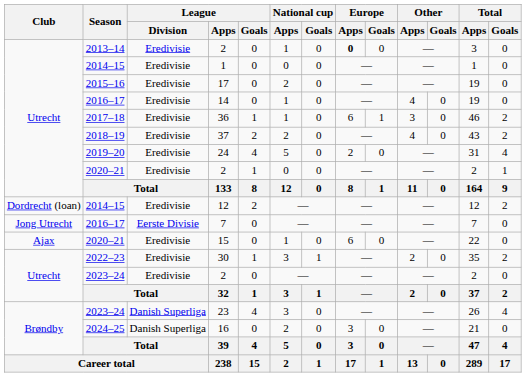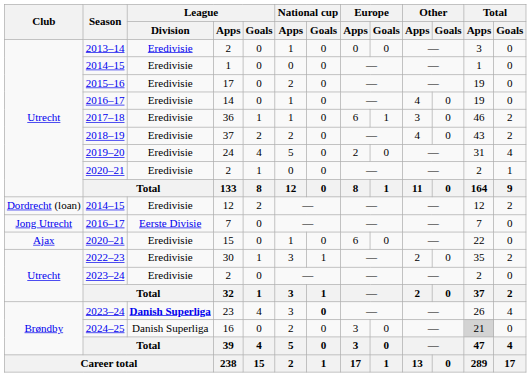 <table class="wikitable" style="text-align:center">
 <tr>
 <th rowspan="2">Club</th>
 <th rowspan="2">Season</th>
 <th colspan="3">League</th>
 <th colspan="2">National cup</th>
 <th colspan="2">Europe</th>
 <th colspan="2">Other</th>
 <th colspan="2">Total</th>
 </tr>
 <tr>
 <th>Division</th>
 <th>Apps</th>
 <th>Goals</th>
 <th>Apps</th>
 <th>Goals</th>
 <th>Apps</th>
 <th>Goals</th>
 <th>Apps</th>
 <th>Goals</th>
 <th>Apps</th>
 <th>Goals</th>
 </tr>
 <tr>
 <td rowspan="9"><a href='#'>Utrecht</a></td>
 <td><a href='#'>2013–14</a></td>
 <td><a href='#'>Eredivisie</a></td>
 <td>2</td>
 <td>0</td>
 <td>1</td>
 <td>0</td>
-<td><strong>0</strong></td>
+<td>0</td>
 <td>0</td>
 <td colspan="2">—</td>
 <td>3</td>
 <td>0</td>
 </tr>
 <tr>
 <td><a href='#'>2014–15</a></td>
 <td>Eredivisie</td>
 <td>1</td>
 <td>0</td>
 <td>0</td>
 <td>0</td>
 <td colspan="2">—</td>
 <td colspan="2">—</td>
 <td>1</td>
 <td>0</td>
 </tr>
 <tr>
 <td><a href='#'>2015–16</a></td>
 <td>Eredivisie</td>
 <td>17</td>
 <td>0</td>
 <td>2</td>
 <td>0</td>
 <td colspan="2">—</td>
 <td colspan="2">—</td>
 <td>19</td>
 <td>0</td>
 </tr>
 <tr>
 <td><a href='#'>2016–17</a></td>
 <td>Eredivisie</td>
 <td>14</td>
 <td>0</td>
 <td>1</td>
 <td>0</td>
 <td colspan="2">—</td>
 <td>4</td>
 <td>0</td>
 <td>19</td>
 <td>0</td>
 </tr>
 <tr>
 <td><a href='#'>2017–18</a></td>
 <td>Eredivisie</td>
 <td>36</td>
 <td>1</td>
 <td>1</td>
 <td>0</td>
 <td>6</td>
 <td>1</td>
 <td>3</td>
 <td>0</td>
 <td>46</td>
 <td>2</td>
 </tr>
 <tr>
 <td><a href='#'>2018–19</a></td>
 <td>Eredivisie</td>
 <td>37</td>
 <td>2</td>
 <td>2</td>
 <td>0</td>
 <td colspan="2">—</td>
 <td>4</td>
 <td>0</td>
 <td>43</td>
 <td>2</td>
 </tr>
 <tr>
 <td><a href='#'>2019–20</a></td>
 <td>Eredivisie</td>
 <td>24</td>
 <td>4</td>
 <td>5</td>
 <td>0</td>
 <td>2</td>
 <td>0</td>
 <td colspan="2">—</td>
 <td>31</td>
 <td>4</td>
 </tr>
 <tr>
 <td><a href='#'>2020–21</a></td>
 <td>Eredivisie</td>
 <td>2</td>
 <td>1</td>
 <td>0</td>
 <td>0</td>
 <td colspan="2">—</td>
 <td colspan="2">—</td>
 <td>2</td>
 <td>1</td>
 </tr>
 <tr>
 <th colspan="2">Total</th>
 <th>133</th>
 <th>8</th>
 <th>12</th>
 <th>0</th>
 <th>8</th>
 <th>1</th>
 <th>11</th>
 <th>0</th>
 <th>164</th>
 <th>9</th>
 </tr>
 <tr>
 <td><a href='#'>Dordrecht</a> (loan)</td>
 <td><a href='#'>2014–15</a></td>
 <td>Eredivisie</td>
 <td>12</td>
 <td>2</td>
 <td colspan="2">—</td>
 <td colspan="2">—</td>
 <td colspan="2">—</td>
 <td>12</td>
 <td>2</td>
 </tr>
 <tr>
 <td><a href='#'>Jong Utrecht</a></td>
 <td><a href='#'>2016–17</a></td>
 <td><a href='#'>Eerste Divisie</a></td>
 <td>7</td>
 <td>0</td>
 <td colspan="2">—</td>
 <td colspan="2">—</td>
 <td colspan="2">—</td>
 <td>7</td>
 <td>0</td>
 </tr>
 <tr>
 <td><a href='#'>Ajax</a></td>
 <td><a href='#'>2020–21</a></td>
 <td>Eredivisie</td>
 <td>15</td>
 <td>0</td>
 <td>1</td>
 <td>0</td>
 <td>6</td>
 <td>0</td>
 <td colspan="2">—</td>
 <td>22</td>
 <td>0</td>
 </tr>
 <tr>
 <td rowspan="3"><a href='#'>Utrecht</a></td>
 <td><a href='#'>2022–23</a></td>
 <td>Eredivisie</td>
 <td>30</td>
 <td>1</td>
 <td>3</td>
 <td>1</td>
 <td colspan="2">—</td>
 <td>2</td>
 <td>0</td>
 <td>35</td>
 <td>2</td>
 </tr>
 <tr>
 <td><a href='#'>2023–24</a></td>
 <td>Eredivisie</td>
 <td>2</td>
 <td>0</td>
 <td colspan="2">—</td>
 <td colspan="2">—</td>
 <td colspan="2">—</td>
 <td>2</td>
 <td>0</td>
 </tr>
 <tr>
 <th colspan="2">Total</th>
 <th>32</th>
 <th>1</th>
 <th>3</th>
 <th>1</th>
 <th colspan="2">—</th>
 <th>2</th>
 <th>0</th>
 <th>37</th>
 <th>2</th>
 </tr>
 <tr>
 <td rowspan="3"><a href='#'>Brøndby</a></td>
 <td><a href='#'>2023–24</a></td>
-<td><a href='#'>Danish Superliga</a></td>
+<td><strong><a href='#'>Danish Superliga</a></strong></td>
 <td>23</td>
 <td>4</td>
 <td>3</td>
-<td>0</td>
+<td><strong>0</strong></td>
 <td colspan="2">—</td>
 <td colspan="2">—</td>
 <td>26</td>
 <td>4</td>
 </tr>
 <tr>
 <td><a href='#'>2024–25</a></td>
 <td>Danish Superliga</td>
 <td>16</td>
 <td>0</td>
 <td>2</td>
 <td>0</td>
 <td>3</td>
 <td>0</td>
 <td colspan="2">—</td>
-<td>21</td>
+<td style="background: lightgrey;">21</td>
 <td>0</td>
 </tr>
 <tr>
 <th colspan="2">Total</th>
 <th>39</th>
 <th>4</th>
 <th>5</th>
 <th>0</th>
 <th>3</th>
 <th>0</th>
 <th colspan="2">—</th>
 <th>47</th>
 <th>4</th>
 </tr>
 <tr>
 <th colspan="3">Career total</th>
 <th>238</th>
 <th>15</th>
 <th>2</th>
 <th>1</th>
 <th>17</th>
 <th>1</th>
 <th>13</th>
 <th>0</th>
 <th>289</th>
 <th>17</th>
 </tr>
 </table>
